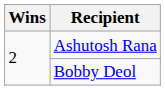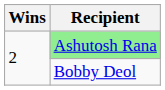 <table class="wikitable">
 <tr>
 <th>Wins</th>
 <th>Recipient</th>
 </tr>
 <tr>
 <td rowspan="2">2</td>
-<td><a href='#'>Ashutosh Rana</a></td>
+<td style="background: lightgreen;"><a href='#'>Ashutosh Rana</a></td>
 </tr>
 <tr>
 <td><a href='#'>Bobby Deol</a></td>
 </tr>
 </table>
